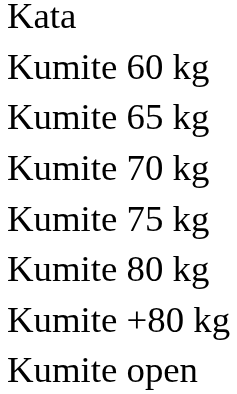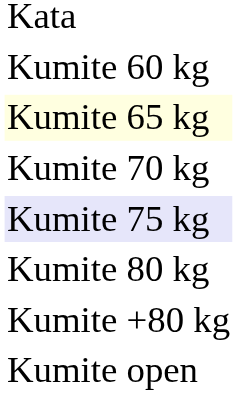 <table>
 <tr>
 <td>Kata<br></td>
 <td></td>
 <td></td>
 <td></td>
 </tr>
 <tr>
 <td>Kumite 60 kg<br></td>
 <td></td>
 <td></td>
 <td></td>
 </tr>
 <tr>
-<td>Kumite 65 kg<br></td>
+<td style="background: lightyellow;">Kumite 65 kg<br></td>
 <td></td>
 <td></td>
 <td></td>
 </tr>
 <tr>
 <td>Kumite 70 kg<br></td>
 <td></td>
 <td></td>
 <td></td>
 </tr>
 <tr>
-<td>Kumite 75 kg<br></td>
+<td style="background: lavender;">Kumite 75 kg<br></td>
 <td></td>
 <td></td>
 <td></td>
 </tr>
 <tr>
 <td>Kumite 80 kg<br></td>
 <td></td>
 <td></td>
 <td></td>
 </tr>
 <tr>
 <td>Kumite +80 kg<br></td>
 <td></td>
 <td></td>
 <td></td>
 </tr>
 <tr>
 <td>Kumite open<br></td>
 <td></td>
 <td></td>
 <td></td>
 </tr>
 </table>
